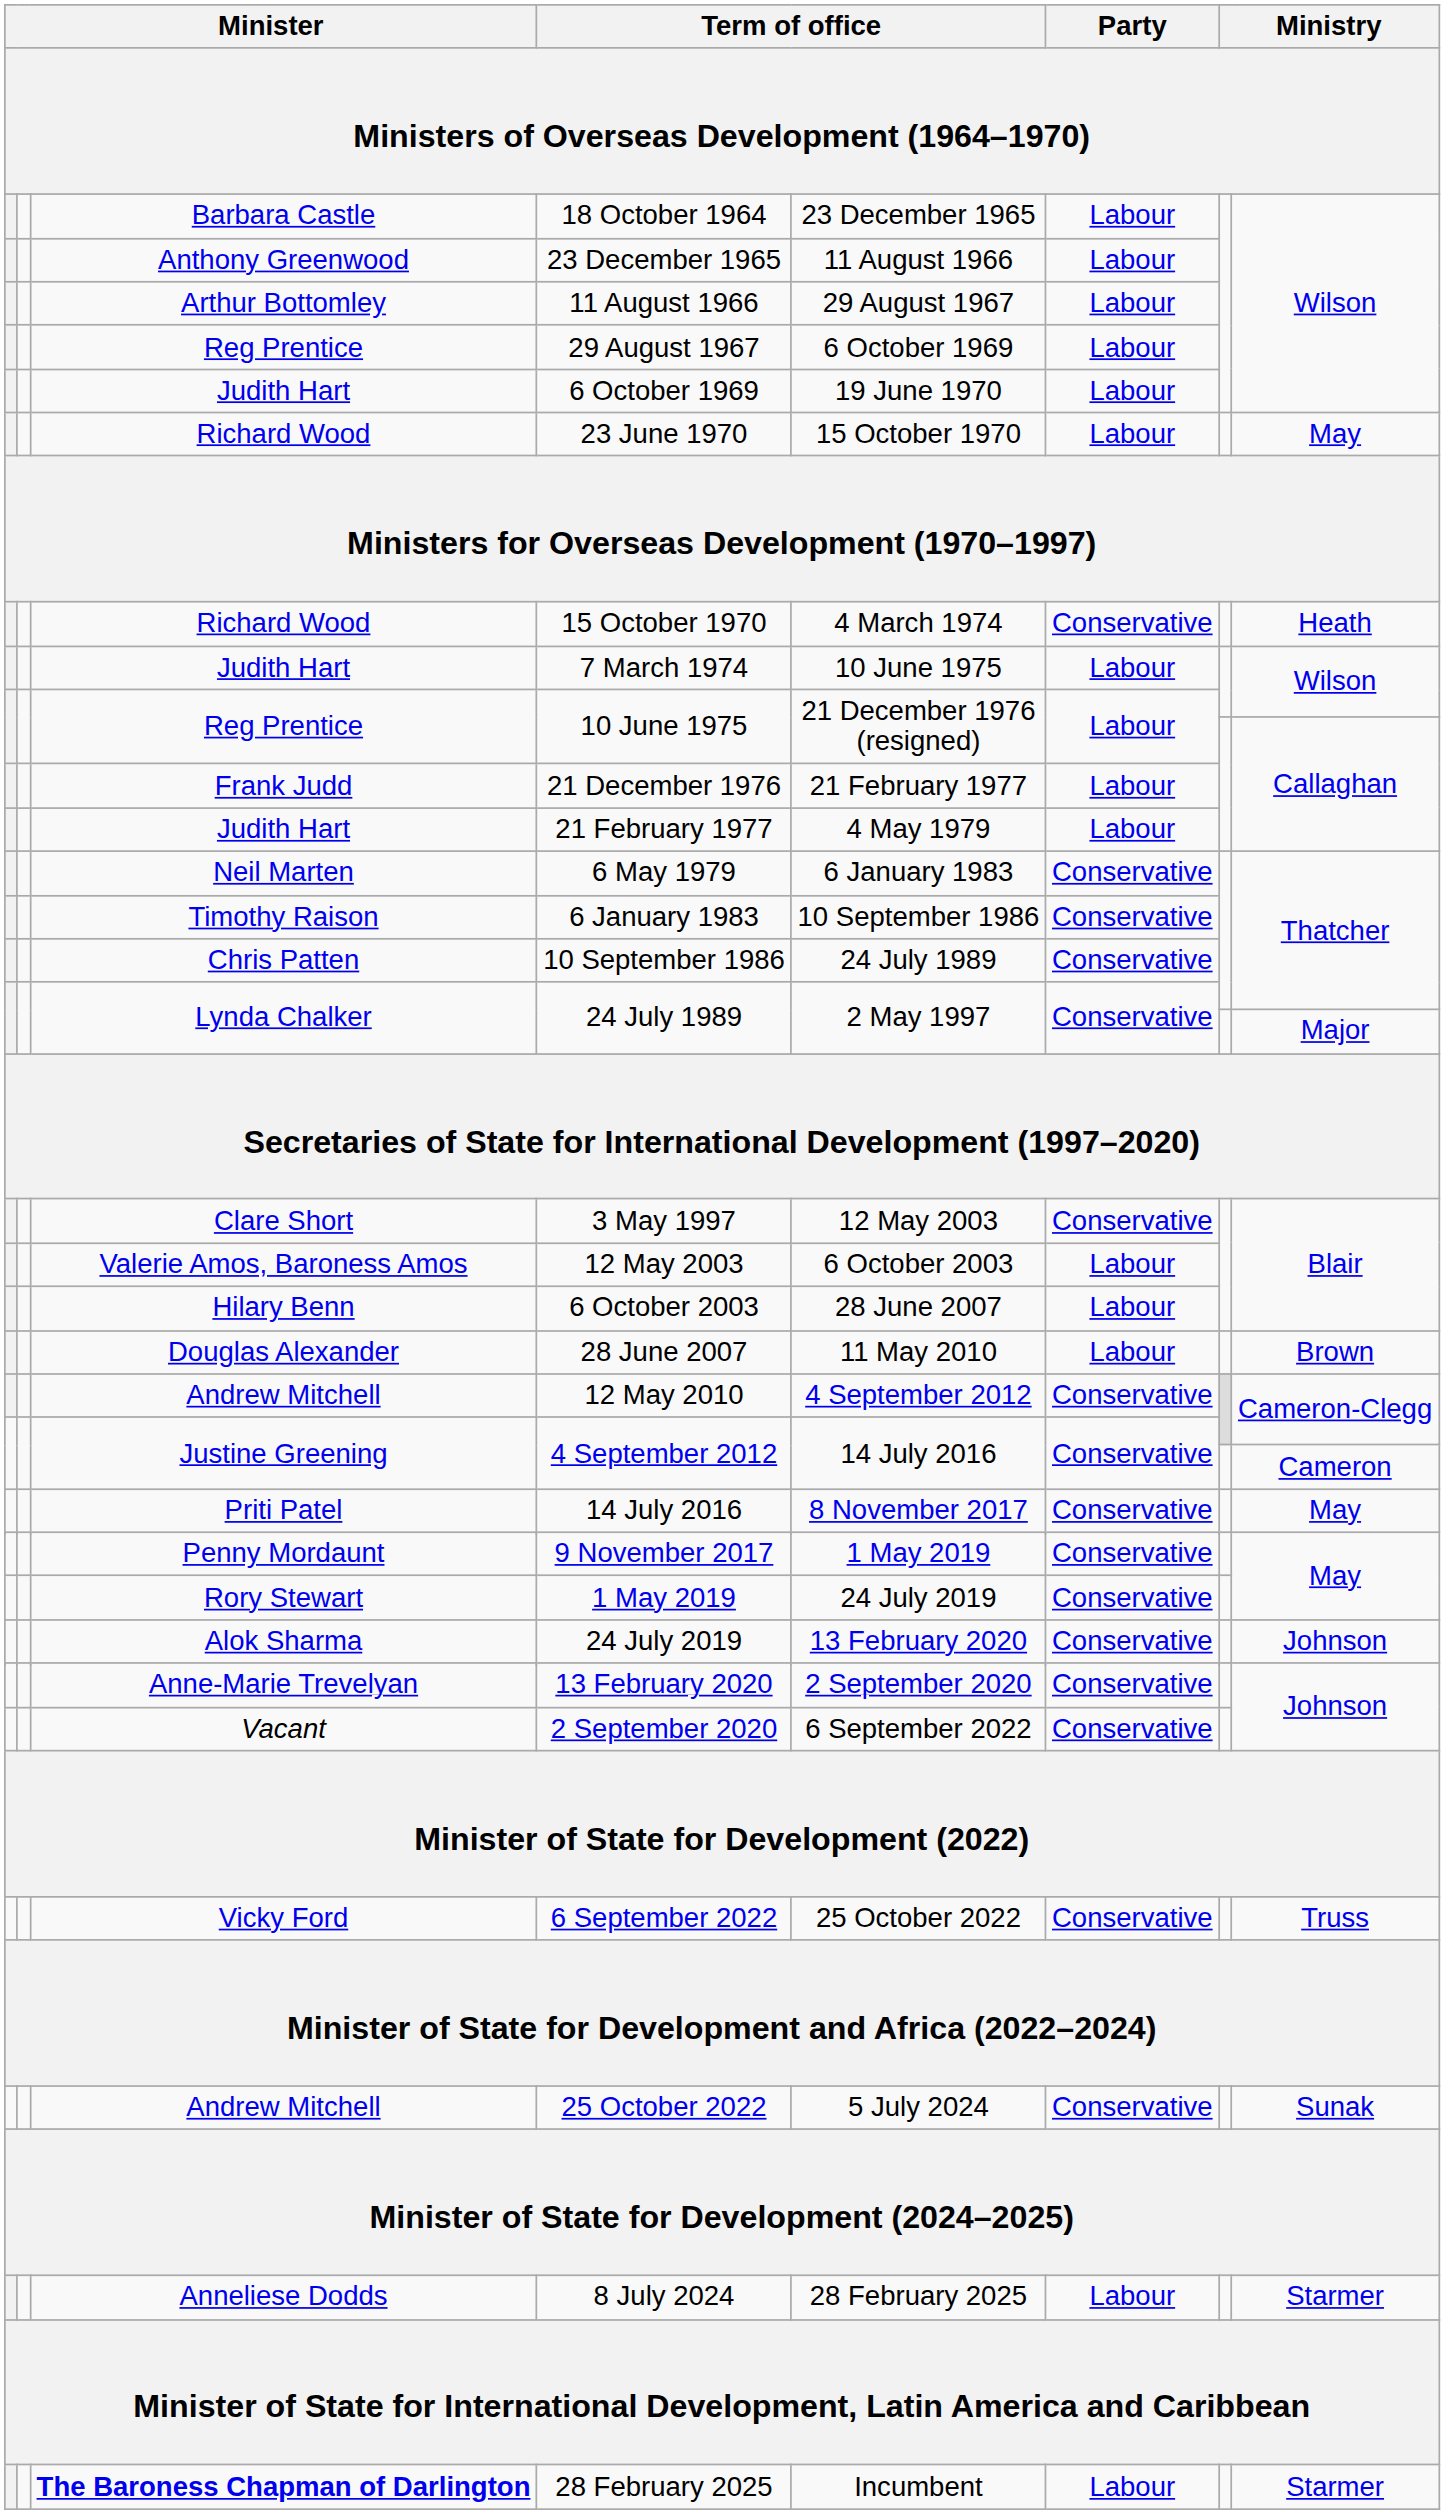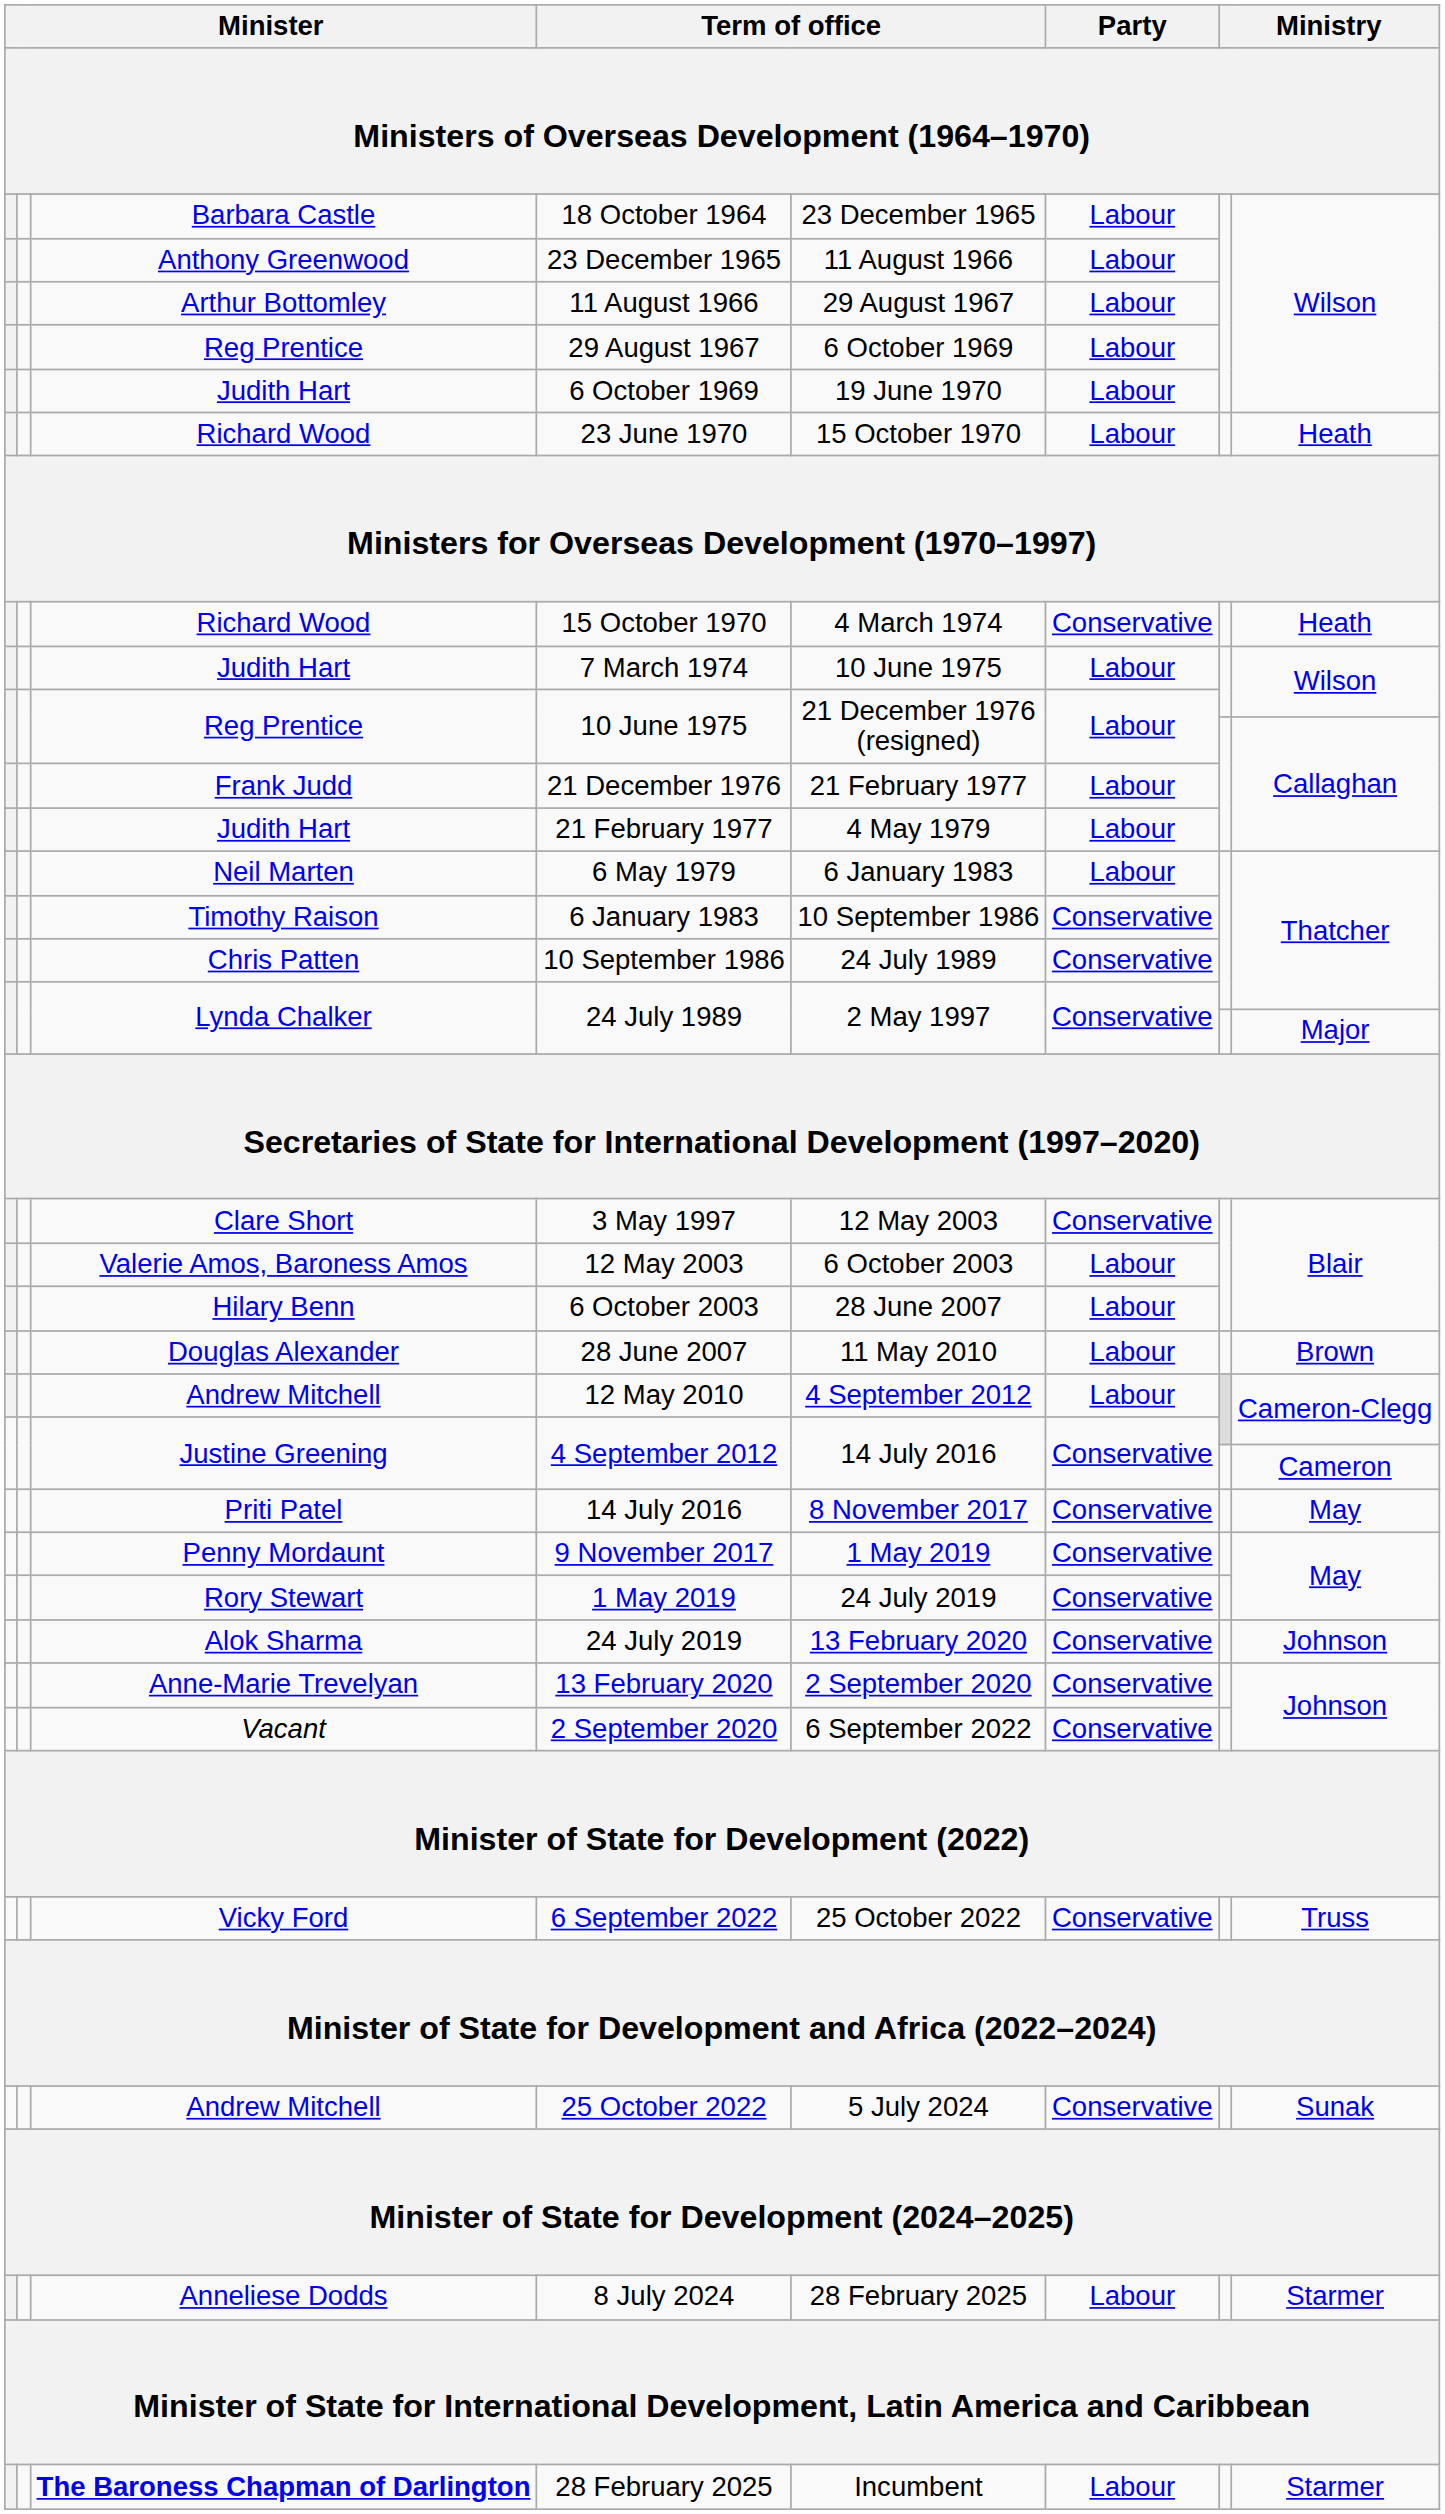 <table class="wikitable" style="text-align:center">
 <tr>
 <th colspan=3>Minister</th>
 <th colspan=2>Term of office</th>
 <th>Party</th>
 <th colspan=2>Ministry</th>
 </tr>
 <tr>
 <th colspan=99><br><h3>Ministers of Overseas Development (1964–1970)</h3></th>
 </tr>
 <tr style="height:1em">
 <th style="background-color:"></th>
 <td></td>
 <td><a href='#'>Barbara Castle</a></td>
 <td>18 October 1964</td>
 <td>23 December 1965</td>
 <td><a href='#'>Labour</a></td>
 <td rowspan=5 style="background-color:"></td>
 <td rowspan=5><a href='#'>Wilson</a><br></td>
 </tr>
 <tr style="height:1em">
 <th style="background-color:"></th>
 <td></td>
 <td><a href='#'>Anthony Greenwood</a></td>
 <td>23 December 1965</td>
 <td>11 August 1966</td>
 <td><a href='#'>Labour</a></td>
 </tr>
 <tr style="height:1em">
 <th style="background-color:"></th>
 <td></td>
 <td><a href='#'>Arthur Bottomley</a></td>
 <td>11 August 1966</td>
 <td>29 August 1967</td>
 <td><a href='#'>Labour</a></td>
 </tr>
 <tr style="height:1em">
 <th style="background-color:"></th>
 <td></td>
 <td><a href='#'>Reg Prentice</a></td>
 <td>29 August 1967</td>
 <td>6 October 1969</td>
 <td><a href='#'>Labour</a></td>
 </tr>
 <tr style="height:1em">
 <th style="background-color:"></th>
 <td></td>
 <td><a href='#'>Judith Hart</a></td>
 <td>6 October 1969</td>
 <td>19 June 1970</td>
 <td><a href='#'>Labour</a></td>
 </tr>
 <tr style="height:1em">
 <th style="background-color:"></th>
 <td></td>
 <td><a href='#'>Richard Wood</a></td>
 <td>23 June 1970</td>
 <td>15 October 1970</td>
 <td><a href='#'>Labour</a></td>
 <td style="background-color:"></td>
-<td><a href='#'>May</a><br></td>
+<td><a href='#'>Heath</a></td>
 </tr>
 <tr>
 <th colspan=99><br><h3>Ministers for Overseas Development (1970–1997)</h3></th>
 </tr>
 <tr style="height:1em">
 <th style="background-color:"></th>
 <td></td>
 <td><a href='#'>Richard Wood</a></td>
 <td>15 October 1970</td>
 <td>4 March 1974</td>
 <td><a href='#'>Conservative</a></td>
 <td style="background-color:"></td>
 <td><a href='#'>Heath</a></td>
 </tr>
 <tr style="height:1em">
 <th style="background-color:"></th>
 <td></td>
 <td><a href='#'>Judith Hart</a></td>
 <td>7 March 1974</td>
 <td>10 June 1975</td>
 <td><a href='#'>Labour</a></td>
 <td rowspan=2 style="background-color:"></td>
 <td rowspan=2><a href='#'>Wilson</a><br></td>
 </tr>
 <tr style="height:1em">
 <th rowspan=2 style="background-color:"></th>
 <td rowspan=2></td>
 <td rowspan=2><a href='#'>Reg Prentice</a></td>
 <td rowspan=2>10 June 1975</td>
 <td rowspan=2>21 December 1976<br>(resigned)</td>
 <td rowspan=2><a href='#'>Labour</a></td>
 </tr>
 <tr style="height:1em">
 <td rowspan=3 style="background-color:"></td>
 <td rowspan=3><a href='#'>Callaghan</a></td>
 </tr>
 <tr style="height:1em">
 <th style="background-color:"></th>
 <td></td>
 <td><a href='#'>Frank Judd</a></td>
 <td>21 December 1976</td>
 <td>21 February 1977</td>
 <td><a href='#'>Labour</a></td>
 </tr>
 <tr style="height:1em">
 <th style="background-color:"></th>
 <td></td>
 <td><a href='#'>Judith Hart</a></td>
 <td>21 February 1977</td>
 <td>4 May 1979</td>
 <td><a href='#'>Labour</a></td>
 </tr>
 <tr style="height:1em">
 <th style="background-color:"></th>
 <td></td>
 <td><a href='#'>Neil Marten</a></td>
 <td>6 May 1979</td>
 <td>6 January 1983</td>
-<td><a href='#'>Conservative</a></td>
+<td><a href='#'>Labour</a></td>
 <td rowspan=4 style="background-color:"></td>
 <td rowspan=4><a href='#'>Thatcher</a> <br></td>
 </tr>
 <tr style="height:1em">
 <th style="background-color:"></th>
 <td></td>
 <td><a href='#'>Timothy Raison</a></td>
 <td>6 January 1983</td>
 <td>10 September 1986</td>
 <td><a href='#'>Conservative</a></td>
 </tr>
 <tr style="height:1em">
 <th style="background-color:"></th>
 <td></td>
 <td><a href='#'>Chris Patten</a></td>
 <td>10 September 1986</td>
 <td>24 July 1989</td>
 <td><a href='#'>Conservative</a></td>
 </tr>
 <tr style="height:1em">
 <th rowspan=2 style="background-color:"></th>
 <td rowspan=2></td>
 <td rowspan=2><a href='#'>Lynda Chalker</a><br><em></em></td>
 <td rowspan=2>24 July 1989</td>
 <td rowspan=2>2 May 1997</td>
 <td rowspan=2><a href='#'>Conservative</a></td>
 </tr>
 <tr style="height:1em">
 <td style="background-color:"></td>
 <td colspan=2><a href='#'>Major</a><br></td>
 </tr>
 <tr>
 <th colspan=99><br><h3>Secretaries of State for International Development (1997–2020)</h3></th>
 </tr>
 <tr style="height:1em">
 <th style="background-color:"></th>
 <td></td>
 <td><a href='#'>Clare Short</a></td>
 <td>3 May 1997</td>
 <td>12 May 2003</td>
 <td><a href='#'>Conservative</a></td>
 <td rowspan=3 style="background-color:"></td>
 <td rowspan=3><a href='#'>Blair</a><br></td>
 </tr>
 <tr style="height:1em">
 <th style="background-color:"></th>
 <td></td>
 <td><a href='#'>Valerie Amos, Baroness Amos</a></td>
 <td>12 May 2003</td>
 <td>6 October 2003</td>
 <td><a href='#'>Labour</a></td>
 </tr>
 <tr style="height:1em">
 <th style="background-color:"></th>
 <td></td>
 <td><a href='#'>Hilary Benn</a></td>
 <td>6 October 2003</td>
 <td>28 June 2007</td>
 <td><a href='#'>Labour</a></td>
 </tr>
 <tr style="height:1em">
 <th style="background-color:"></th>
 <td></td>
 <td><a href='#'>Douglas Alexander</a></td>
 <td>28 June 2007</td>
 <td>11 May 2010</td>
 <td><a href='#'>Labour</a></td>
 <td style="background-color:"></td>
 <td><a href='#'>Brown</a></td>
 </tr>
 <tr style="height:1em">
 <th style="background-color:"></th>
 <td></td>
 <td><a href='#'>Andrew Mitchell</a></td>
 <td>12 May 2010</td>
 <td><a href='#'>4 September 2012</a></td>
-<td><a href='#'>Conservative</a></td>
+<td><a href='#'>Labour</a></td>
 <td rowspan=2 style="background-color:#ddd"></td>
 <td rowspan=2><a href='#'>Cameron-Clegg</a></td>
 </tr>
 <tr style="height:1em">
 <td rowspan=2 style="background-color:"></td>
 <td rowspan=2></td>
 <td rowspan=2><a href='#'>Justine Greening</a></td>
 <td rowspan=2><a href='#'>4 September 2012</a></td>
 <td rowspan=2>14 July 2016</td>
 <td rowspan=2><a href='#'>Conservative</a></td>
 </tr>
 <tr>
 <td style="background-color:"></td>
 <td><a href='#'>Cameron</a><br></td>
 </tr>
 <tr style="height:1em">
 <td rowspan=2 style="background-color:"></td>
 <td rowspan=2></td>
 <td rowspan=2><a href='#'>Priti Patel</a></td>
 <td rowspan=2>14 July 2016</td>
 <td rowspan=2><a href='#'>8 November 2017</a></td>
 <td rowspan=2><a href='#'>Conservative</a></td>
 <td rowspan=2 style="background-color:"></td>
 <td><a href='#'>May</a><br></td>
 </tr>
 <tr>
 <td rowspan=3><a href='#'>May</a><br></td>
 </tr>
 <tr style="height:1em">
 <td style="background-color:"></td>
 <td></td>
 <td><a href='#'>Penny Mordaunt</a></td>
 <td><a href='#'>9 November 2017</a></td>
 <td><a href='#'>1 May 2019</a></td>
 <td><a href='#'>Conservative</a></td>
 <td style="background-color:"></td>
 </tr>
 <tr style="height:1em">
 <td style="background-color:"></td>
 <td></td>
 <td><a href='#'>Rory Stewart</a></td>
 <td><a href='#'>1 May 2019</a></td>
 <td>24 July 2019</td>
 <td><a href='#'>Conservative</a></td>
 <td style="background-color:"></td>
 </tr>
 <tr style="height:1em">
 <td rowspan=2 style="background-color:"></td>
 <td rowspan=2></td>
 <td rowspan=2><a href='#'>Alok Sharma</a></td>
 <td rowspan=2>24 July 2019</td>
 <td rowspan=2><a href='#'>13 February 2020</a></td>
 <td rowspan=2><a href='#'>Conservative</a></td>
 <td rowspan=2 style="background-color:"></td>
 <td><a href='#'>Johnson</a><br></td>
 </tr>
 <tr>
 <td rowspan=3><a href='#'>Johnson</a><br></td>
 </tr>
 <tr style="height:1em">
 <td style="background-color:"></td>
 <td></td>
 <td><a href='#'>Anne-Marie Trevelyan</a></td>
 <td><a href='#'>13 February 2020</a></td>
 <td><a href='#'>2 September 2020</a></td>
 <td><a href='#'>Conservative</a></td>
 <td style="background-color:"></td>
 </tr>
 <tr style="height:1em">
 <td style="background-color:"></td>
 <td></td>
 <td><em>Vacant</em></td>
 <td><a href='#'>2 September 2020</a></td>
 <td>6 September 2022</td>
 <td><a href='#'>Conservative</a></td>
 <td style="background-color:"></td>
 </tr>
 <tr>
 <th colspan=99><br><h3>Minister of State for Development (2022)</h3></th>
 </tr>
 <tr style="height:1em">
 <td style="background-color:"></td>
 <td></td>
 <td><a href='#'>Vicky Ford</a></td>
 <td><a href='#'>6 September 2022</a></td>
 <td>25 October 2022</td>
 <td><a href='#'>Conservative</a></td>
 <td style="background-color:"></td>
 <td><a href='#'>Truss</a></td>
 </tr>
 <tr>
 <th colspan=99><br><h3>Minister of State for Development and Africa (2022–2024)</h3></th>
 </tr>
 <tr style="height:1em">
 <td style="background-color:"></td>
 <td></td>
 <td><a href='#'>Andrew Mitchell</a></td>
 <td><a href='#'>25 October 2022</a></td>
 <td>5 July 2024</td>
 <td><a href='#'>Conservative</a></td>
 <td style="background-color:"></td>
 <td><a href='#'>Sunak</a></td>
 </tr>
 <tr>
 <th colspan=99><br><h3>Minister of State for Development (2024–2025)</h3></th>
 </tr>
 <tr style="height:1em">
 <th style="background-color:"></th>
 <td></td>
 <td><a href='#'>Anneliese Dodds</a></td>
 <td>8 July 2024</td>
 <td>28 February 2025</td>
 <td><a href='#'>Labour</a></td>
 <td style="background-color:"></td>
 <td><a href='#'>Starmer</a></td>
 </tr>
 <tr>
 <th colspan=99><br><h3>Minister of State for International Development, Latin America and Caribbean</h3></th>
 </tr>
 <tr style="height:1em">
 <th style="background-color:"></th>
 <td></td>
 <td><strong><a href='#'>The Baroness Chapman of Darlington</a></strong></td>
 <td>28 February 2025</td>
 <td>Incumbent</td>
 <td><a href='#'>Labour</a></td>
 <td style="background-color:"></td>
 <td><a href='#'>Starmer</a></td>
 </tr>
 </table>
